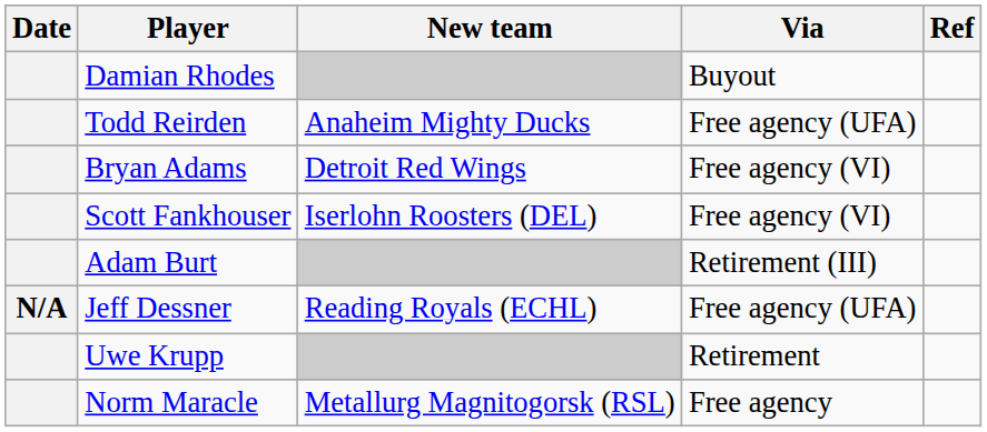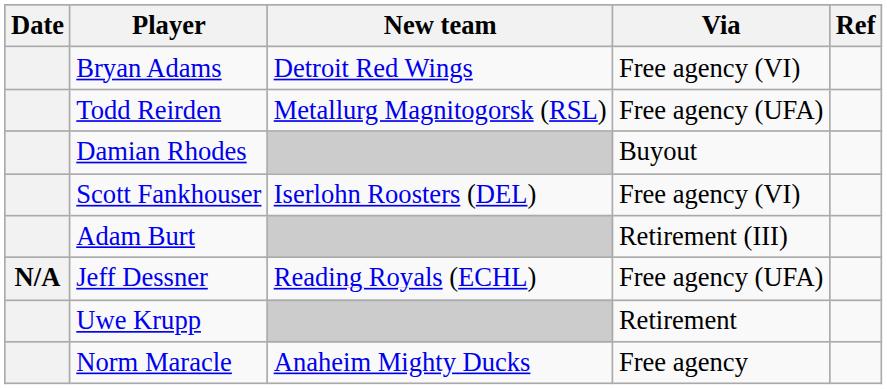 <table class="wikitable plainrowheaders">
 <tr style="background:#ddd; text-align:center;">
 <th>Date</th>
 <th>Player</th>
 <th>New team</th>
 <th>Via</th>
 <th>Ref</th>
 </tr>
 <tr>
 <th scope="row"></th>
-<td><a href='#'>Damian Rhodes</a></td>
-<td style="background:#ccc"></td>
-<td>Buyout</td>
+<td><a href='#'>Bryan Adams</a></td>
+<td><a href='#'>Detroit Red Wings</a></td>
+<td>Free agency (VI)</td>
 <td></td>
 </tr>
 <tr>
 <th scope="row"></th>
 <td><a href='#'>Todd Reirden</a></td>
-<td><a href='#'>Anaheim Mighty Ducks</a></td>
+<td><a href='#'>Metallurg Magnitogorsk</a> (<a href='#'>RSL</a>)</td>
 <td>Free agency (UFA)</td>
 <td></td>
 </tr>
 <tr>
 <th scope="row"></th>
-<td><a href='#'>Bryan Adams</a></td>
-<td><a href='#'>Detroit Red Wings</a></td>
-<td>Free agency (VI)</td>
+<td><a href='#'>Damian Rhodes</a></td>
+<td style="background:#ccc"></td>
+<td>Buyout</td>
 <td></td>
 </tr>
 <tr>
 <th scope="row"></th>
 <td><a href='#'>Scott Fankhouser</a></td>
 <td><a href='#'>Iserlohn Roosters</a> (<a href='#'>DEL</a>)</td>
 <td>Free agency (VI)</td>
 <td></td>
 </tr>
 <tr>
 <th scope="row"></th>
 <td><a href='#'>Adam Burt</a></td>
 <td style="background:#ccc"></td>
 <td>Retirement (III)</td>
 <td></td>
 </tr>
 <tr>
 <th scope="row">N/A</th>
 <td><a href='#'>Jeff Dessner</a></td>
 <td><a href='#'>Reading Royals</a> (<a href='#'>ECHL</a>)</td>
 <td>Free agency (UFA)</td>
 <td></td>
 </tr>
 <tr>
 <th scope="row"></th>
 <td><a href='#'>Uwe Krupp</a></td>
 <td style="background:#ccc"></td>
 <td>Retirement</td>
 <td></td>
 </tr>
 <tr>
 <th scope="row"></th>
 <td><a href='#'>Norm Maracle</a></td>
-<td><a href='#'>Metallurg Magnitogorsk</a> (<a href='#'>RSL</a>)</td>
+<td><a href='#'>Anaheim Mighty Ducks</a></td>
 <td>Free agency</td>
 <td></td>
 </tr>
 </table>
